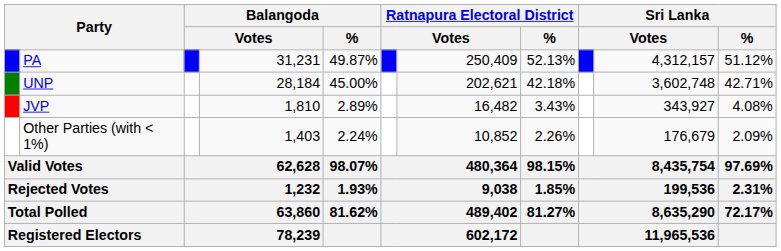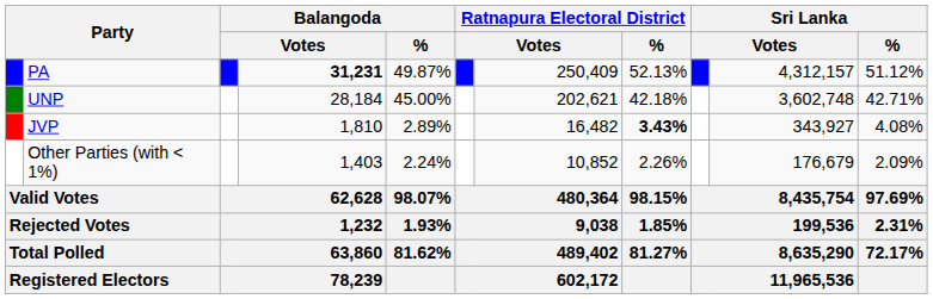 <table class="wikitable">
 <tr>
 <th colspan="2" width="144px"rowspan="2">Party</th>
 <th colspan="3" width="216px">Balangoda</th>
 <th colspan="3" width="216px"><a href='#'>Ratnapura Electoral District</a></th>
 <th colspan="3" width="216px">Sri Lanka</th>
 </tr>
 <tr>
 <th colspan="2" width="144px">Votes</th>
 <th>%</th>
 <th colspan="2" width="144px">Votes</th>
 <th>%</th>
 <th colspan="2" width="144px">Votes</th>
 <th>%</th>
 </tr>
 <tr>
 <td style="background-color:blue;" width="10px"></td>
 <td style="text-align:left;"><a href='#'>PA</a></td>
 <td style="background-color:blue;" width="10px"></td>
-<td style="text-align:right;">31,231</td>
+<td style="text-align:right;"><strong>31,231</strong></td>
 <td style="text-align:right;">49.87%</td>
 <td style="background-color:blue;" width="10px"></td>
 <td style="text-align:right;">250,409</td>
 <td style="text-align:right;">52.13%</td>
 <td style="background-color:blue;" width="10px"></td>
 <td style="text-align:right;">4,312,157</td>
 <td style="text-align:right;">51.12%</td>
 </tr>
 <tr>
 <td style="background-color:green;" width="10px"></td>
 <td style="text-align:left;"><a href='#'>UNP</a></td>
 <td style="background-color:white;" width="10px"></td>
 <td style="text-align:right;">28,184</td>
 <td style="text-align:right;">45.00%</td>
 <td style="background-color:white;" width="10px"></td>
 <td style="text-align:right;">202,621</td>
 <td style="text-align:right;">42.18%</td>
 <td style="background-color:white;" width="10px"></td>
 <td style="text-align:right;">3,602,748</td>
 <td style="text-align:right;">42.71%</td>
 </tr>
 <tr>
 <td style="background-color:red;" width="10px"></td>
 <td style="text-align:left;"><a href='#'>JVP</a></td>
 <td style="background-color:white;" width="10px"></td>
 <td style="text-align:right;">1,810</td>
 <td style="text-align:right;">2.89%</td>
 <td style="background-color:white;" width="10px"></td>
 <td style="text-align:right;">16,482</td>
-<td style="text-align:right;">3.43%</td>
+<td style="text-align:right;"><strong>3.43%</strong></td>
 <td style="background-color:white;" width="10px"></td>
 <td style="text-align:right;">343,927</td>
 <td style="text-align:right;">4.08%</td>
 </tr>
 <tr>
 <td style="background-color:white;" width="10px"></td>
 <td style="text-align:left;">Other Parties (with < 1%)</td>
 <td style="background-color:white;" width="10px"></td>
 <td style="text-align:right;">1,403</td>
 <td style="text-align:right;">2.24%</td>
 <td style="background-color:white;" width="10px"></td>
 <td style="text-align:right;">10,852</td>
 <td style="text-align:right;">2.26%</td>
 <td style="background-color:white;" width="10px"></td>
 <td style="text-align:right;">176,679</td>
 <td style="text-align:right;">2.09%</td>
 </tr>
 <tr>
 <th colspan="2" width="144px"style="text-align:left;">Valid Votes</th>
 <th style="text-align:right;"colspan="2" width="144px">62,628</th>
 <th style="text-align:right;">98.07%</th>
 <th style="text-align:right;"colspan="2" width="144px">480,364</th>
 <th style="text-align:right;">98.15%</th>
 <th style="text-align:right;"colspan="2" width="144px">8,435,754</th>
 <th style="text-align:right;">97.69%</th>
 </tr>
 <tr>
 <th colspan="2" width="144px"style="text-align:left;">Rejected Votes</th>
 <th style="text-align:right;"colspan="2" width="144px">1,232</th>
 <th style="text-align:right;">1.93%</th>
 <th style="text-align:right;"colspan="2" width="144px">9,038</th>
 <th style="text-align:right;">1.85%</th>
 <th style="text-align:right;"colspan="2" width="144px">199,536</th>
 <th style="text-align:right;">2.31%</th>
 </tr>
 <tr>
 <th colspan="2" width="144px"style="text-align:left;">Total Polled</th>
 <th style="text-align:right;"colspan="2" width="144px">63,860</th>
 <th style="text-align:right;">81.62%</th>
 <th style="text-align:right;"colspan="2" width="144px">489,402</th>
 <th style="text-align:right;">81.27%</th>
 <th style="text-align:right;"colspan="2" width="144px">8,635,290</th>
 <th style="text-align:right;">72.17%</th>
 </tr>
 <tr>
 <th colspan="2" width="144px"style="text-align:left;">Registered Electors</th>
 <th style="text-align:right;"colspan="2" width="144px">78,239</th>
 <th></th>
 <th style="text-align:right;"colspan="2" width="144px">602,172</th>
 <th></th>
 <th style="text-align:right;"colspan="2" width="144px">11,965,536</th>
 <th></th>
 </tr>
 </table>
